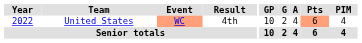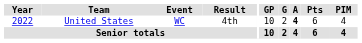 <table border="0" cellpadding="1" cellspacing="0" ID="Table3" style="text-align:center; width:40em;">
 <tr bgcolor="#e0e0e0">
 <th>Year</th>
 <th>Team</th>
 <th>Event</th>
 <th>Result</th>
 <th rowspan="98" bgcolor="#ffffff"></th>
 <th>GP</th>
 <th>G</th>
 <th>A</th>
 <th>Pts</th>
 <th>PIM</th>
 </tr>
 <tr>
 <td><a href='#'>2022</a></td>
 <td><a href='#'>United States</a></td>
-<td style="background: lightsalmon;"><a href='#'>WC</a></td>
+<td><a href='#'>WC</a></td>
 <td>4th</td>
 <td>10</td>
 <td>2</td>
-<td>4</td>
-<td style="background: lightsalmon;">6</td>
+<td><strong>4</strong></td>
+<td>6</td>
 <td>4</td>
 </tr>
 <tr bgcolor="#e0e0e0">
 <th colspan="4">Senior totals</th>
 <th>10</th>
 <th>2</th>
 <th>4</th>
 <th>6</th>
 <th>4</th>
 </tr>
 </table>
